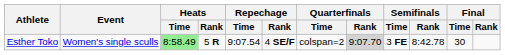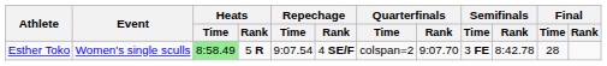 <table class="wikitable" style="font-size:90%">
 <tr>
 <th rowspan="2">Athlete</th>
 <th rowspan="2">Event</th>
 <th colspan="2">Heats</th>
 <th colspan="2">Repechage</th>
 <th colspan="2">Quarterfinals</th>
 <th colspan="2">Semifinals</th>
 <th colspan="2">Final</th>
 </tr>
 <tr style="font-size:95%">
 <th>Time</th>
 <th>Rank</th>
 <th>Time</th>
 <th>Rank</th>
 <th>Time</th>
 <th>Rank</th>
 <th>Time</th>
 <th>Rank</th>
 <th>Time</th>
 <th>Rank</th>
 </tr>
 <tr align=center>
 <td align=left><a href='#'>Esther Toko</a></td>
 <td align=left><a href='#'>Women's single sculls</a></td>
 <td style="background: lightgreen;">8:58.49</td>
 <td>5 <strong>R</strong></td>
 <td>9:07.54</td>
 <td>4 <strong>SE/F</strong></td>
 <td>colspan=2 </td>
-<td style="background: lightgrey;">9:07.70</td>
+<td>9:07.70</td>
 <td>3 <strong>FE</strong></td>
 <td>8:42.78</td>
-<td>30</td>
+<td>28</td>
 </tr>
 </table>
